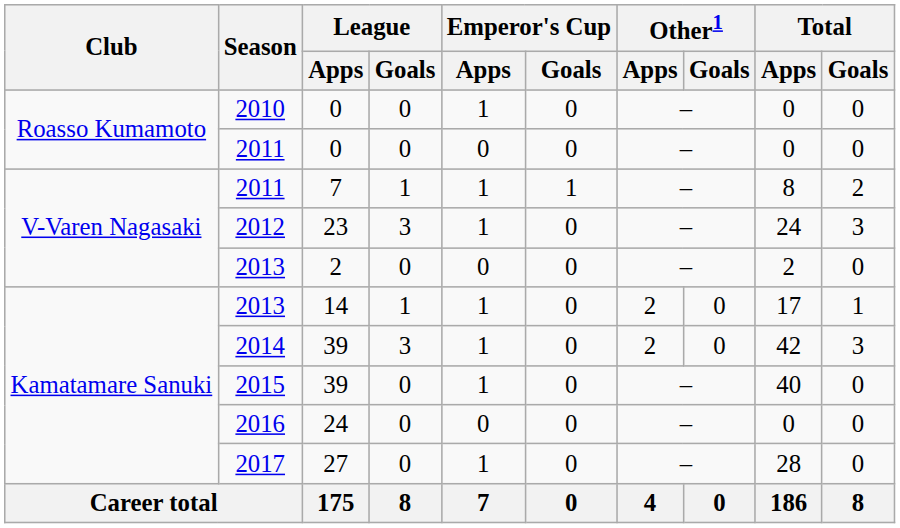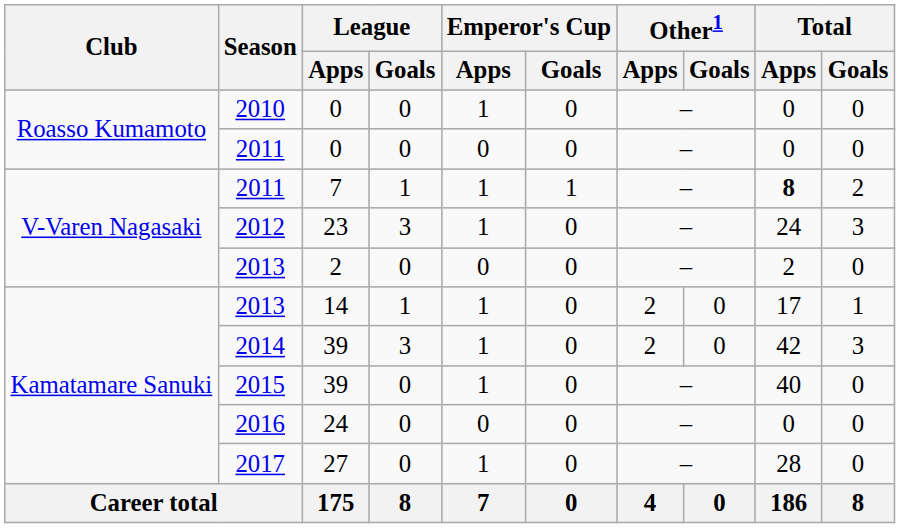 <table class="wikitable" style="text-align: center;">
 <tr>
 <th rowspan="2">Club</th>
 <th rowspan="2">Season</th>
 <th colspan="2">League</th>
 <th colspan="2">Emperor's Cup</th>
 <th colspan="2">Other<sup><a href='#'>1</a></sup></th>
 <th colspan="2">Total</th>
 </tr>
 <tr>
 <th>Apps</th>
 <th>Goals</th>
 <th>Apps</th>
 <th>Goals</th>
 <th>Apps</th>
 <th>Goals</th>
 <th>Apps</th>
 <th>Goals</th>
 </tr>
 <tr>
 <td rowspan="2"><a href='#'>Roasso Kumamoto</a></td>
 <td><a href='#'>2010</a></td>
 <td>0</td>
 <td>0</td>
 <td>1</td>
 <td>0</td>
 <td colspan="2">–</td>
 <td>0</td>
 <td>0</td>
 </tr>
 <tr>
 <td><a href='#'>2011</a></td>
 <td>0</td>
 <td>0</td>
 <td>0</td>
 <td>0</td>
 <td colspan="2">–</td>
 <td>0</td>
 <td>0</td>
 </tr>
 <tr>
 <td rowspan="3"><a href='#'>V-Varen Nagasaki</a></td>
 <td><a href='#'>2011</a></td>
 <td>7</td>
 <td>1</td>
 <td>1</td>
 <td>1</td>
 <td colspan="2">–</td>
-<td>8</td>
+<td><strong>8</strong></td>
 <td>2</td>
 </tr>
 <tr>
 <td><a href='#'>2012</a></td>
 <td>23</td>
 <td>3</td>
 <td>1</td>
 <td>0</td>
 <td colspan="2">–</td>
 <td>24</td>
 <td>3</td>
 </tr>
 <tr>
 <td><a href='#'>2013</a></td>
 <td>2</td>
 <td>0</td>
 <td>0</td>
 <td>0</td>
 <td colspan="2">–</td>
 <td>2</td>
 <td>0</td>
 </tr>
 <tr>
 <td rowspan="5"><a href='#'>Kamatamare Sanuki</a></td>
 <td><a href='#'>2013</a></td>
 <td>14</td>
 <td>1</td>
 <td>1</td>
 <td>0</td>
 <td>2</td>
 <td>0</td>
 <td>17</td>
 <td>1</td>
 </tr>
 <tr>
 <td><a href='#'>2014</a></td>
 <td>39</td>
 <td>3</td>
 <td>1</td>
 <td>0</td>
 <td>2</td>
 <td>0</td>
 <td>42</td>
 <td>3</td>
 </tr>
 <tr>
 <td><a href='#'>2015</a></td>
 <td>39</td>
 <td>0</td>
 <td>1</td>
 <td>0</td>
 <td colspan="2">–</td>
 <td>40</td>
 <td>0</td>
 </tr>
 <tr>
 <td><a href='#'>2016</a></td>
 <td>24</td>
 <td>0</td>
 <td>0</td>
 <td>0</td>
 <td colspan="2">–</td>
 <td>0</td>
 <td>0</td>
 </tr>
 <tr>
 <td><a href='#'>2017</a></td>
 <td>27</td>
 <td>0</td>
 <td>1</td>
 <td>0</td>
 <td colspan="2">–</td>
 <td>28</td>
 <td>0</td>
 </tr>
 <tr>
 <th colspan="2">Career total</th>
 <th>175</th>
 <th>8</th>
 <th>7</th>
 <th>0</th>
 <th>4</th>
 <th>0</th>
 <th>186</th>
 <th>8</th>
 </tr>
 </table>
